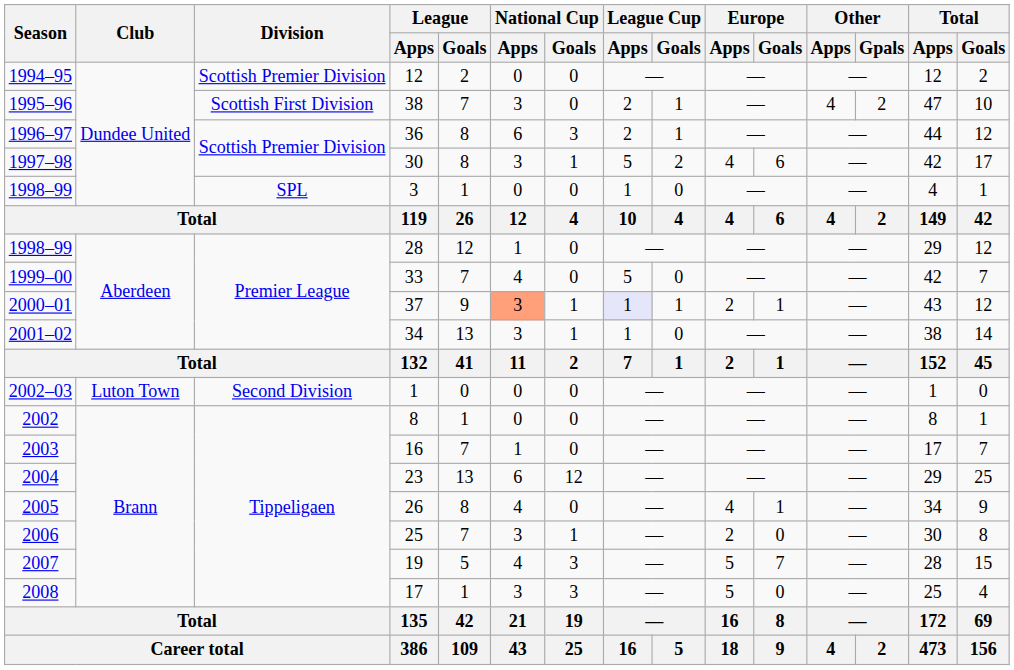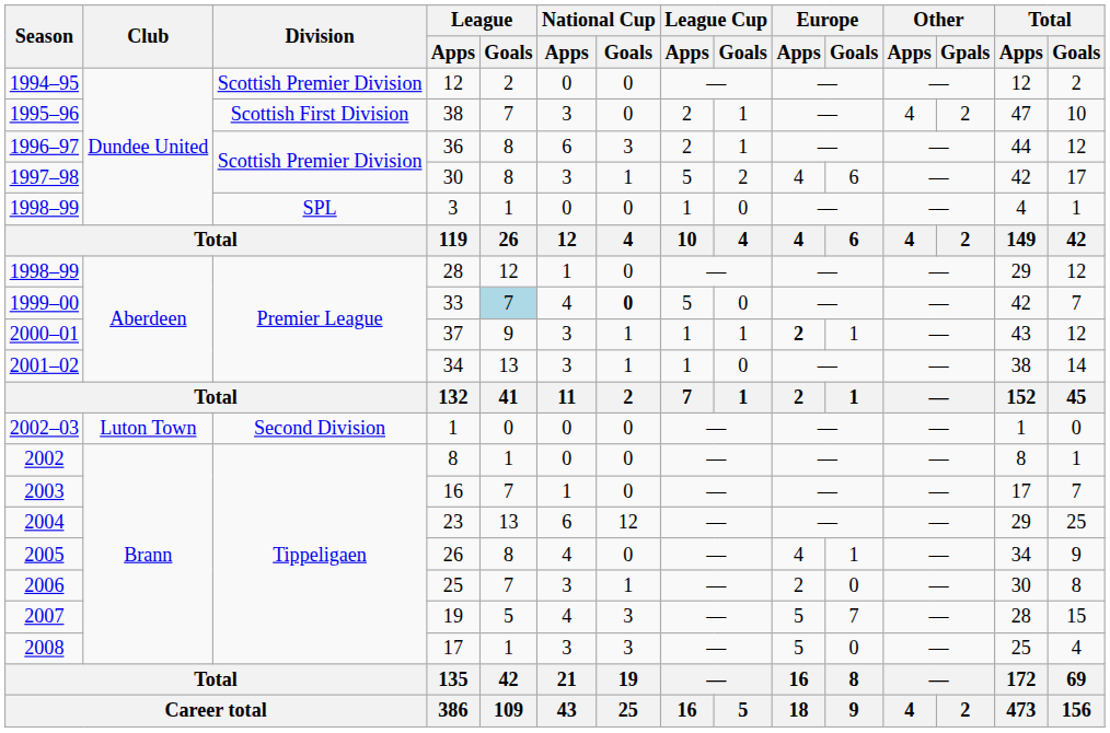 <table class="wikitable" style="text-align:center">
 <tr>
 <th rowspan="2">Season</th>
 <th rowspan="2">Club</th>
 <th rowspan="2">Division</th>
 <th colspan="2">League</th>
 <th colspan="2">National Cup</th>
 <th colspan="2">League Cup</th>
 <th colspan="2">Europe</th>
 <th colspan="2">Other</th>
 <th colspan="2">Total</th>
 </tr>
 <tr>
 <th>Apps</th>
 <th>Goals</th>
 <th>Apps</th>
 <th>Goals</th>
 <th>Apps</th>
 <th>Goals</th>
 <th>Apps</th>
 <th>Goals</th>
 <th>Apps</th>
 <th>Gpals</th>
 <th>Apps</th>
 <th>Goals</th>
 </tr>
 <tr>
 <td><a href='#'>1994–95</a></td>
 <td rowspan="5"><a href='#'>Dundee United</a></td>
 <td rowspan="1"><a href='#'>Scottish Premier Division</a></td>
 <td>12</td>
 <td>2</td>
 <td>0</td>
 <td>0</td>
 <td colspan="2">—</td>
 <td colspan="2">—</td>
 <td colspan="2">—</td>
 <td>12</td>
 <td>2</td>
 </tr>
 <tr>
 <td><a href='#'>1995–96</a></td>
 <td rowspan="1"><a href='#'>Scottish First Division</a></td>
 <td>38</td>
 <td>7</td>
 <td>3</td>
 <td>0</td>
 <td>2</td>
 <td>1</td>
 <td colspan="2">—</td>
 <td>4</td>
 <td>2</td>
 <td>47</td>
 <td>10</td>
 </tr>
 <tr>
 <td><a href='#'>1996–97</a></td>
 <td rowspan="2"><a href='#'>Scottish Premier Division</a></td>
 <td>36</td>
 <td>8</td>
 <td>6</td>
 <td>3</td>
 <td>2</td>
 <td>1</td>
 <td colspan="2">—</td>
 <td colspan="2">—</td>
 <td>44</td>
 <td>12</td>
 </tr>
 <tr>
 <td><a href='#'>1997–98</a></td>
 <td>30</td>
 <td>8</td>
 <td>3</td>
 <td>1</td>
 <td>5</td>
 <td>2</td>
 <td>4</td>
 <td>6</td>
 <td colspan="2">—</td>
 <td>42</td>
 <td>17</td>
 </tr>
 <tr>
 <td><a href='#'>1998–99</a></td>
 <td><a href='#'>SPL</a></td>
 <td>3</td>
 <td>1</td>
 <td>0</td>
 <td>0</td>
 <td>1</td>
 <td>0</td>
 <td colspan="2">—</td>
 <td colspan="2">—</td>
 <td>4</td>
 <td>1</td>
 </tr>
 <tr>
 <th colspan="3">Total</th>
 <th>119</th>
 <th>26</th>
 <th>12</th>
 <th>4</th>
 <th>10</th>
 <th>4</th>
 <th>4</th>
 <th>6</th>
 <th>4</th>
 <th>2</th>
 <th>149</th>
 <th>42</th>
 </tr>
 <tr>
 <td><a href='#'>1998–99</a></td>
 <td rowspan="4"><a href='#'>Aberdeen</a></td>
 <td rowspan="4"><a href='#'>Premier League</a></td>
 <td>28</td>
 <td>12</td>
 <td>1</td>
 <td>0</td>
 <td colspan="2">—</td>
 <td colspan="2">—</td>
 <td colspan="2">—</td>
 <td>29</td>
 <td>12</td>
 </tr>
 <tr>
 <td><a href='#'>1999–00</a></td>
 <td>33</td>
-<td>7</td>
+<td style="background: lightblue;">7</td>
 <td>4</td>
-<td>0</td>
+<td><strong>0</strong></td>
 <td>5</td>
 <td>0</td>
 <td colspan="2">—</td>
 <td colspan="2">—</td>
 <td>42</td>
 <td>7</td>
 </tr>
 <tr>
 <td><a href='#'>2000–01</a></td>
 <td>37</td>
 <td>9</td>
-<td style="background: lightsalmon;">3</td>
+<td>3</td>
 <td>1</td>
-<td style="background: lavender;">1</td>
 <td>1</td>
-<td>2</td>
+<td>1</td>
+<td><strong>2</strong></td>
 <td>1</td>
 <td colspan="2">—</td>
 <td>43</td>
 <td>12</td>
 </tr>
 <tr>
 <td><a href='#'>2001–02</a></td>
 <td>34</td>
 <td>13</td>
 <td>3</td>
 <td>1</td>
 <td>1</td>
 <td>0</td>
 <td colspan="2">—</td>
 <td colspan="2">—</td>
 <td>38</td>
 <td>14</td>
 </tr>
 <tr>
 <th colspan="3">Total</th>
 <th>132</th>
 <th>41</th>
 <th>11</th>
 <th>2</th>
 <th>7</th>
 <th>1</th>
 <th>2</th>
 <th>1</th>
 <th colspan="2">—</th>
 <th>152</th>
 <th>45</th>
 </tr>
 <tr>
 <td><a href='#'>2002–03</a></td>
 <td><a href='#'>Luton Town</a></td>
 <td><a href='#'>Second Division</a></td>
 <td>1</td>
 <td>0</td>
 <td>0</td>
 <td>0</td>
 <td colspan="2">—</td>
 <td colspan="2">—</td>
 <td colspan="2">—</td>
 <td>1</td>
 <td>0</td>
 </tr>
 <tr>
 <td><a href='#'>2002</a></td>
 <td rowspan="7"><a href='#'>Brann</a></td>
 <td rowspan="7"><a href='#'>Tippeligaen</a></td>
 <td>8</td>
 <td>1</td>
 <td>0</td>
 <td>0</td>
 <td colspan="2">—</td>
 <td colspan="2">—</td>
 <td colspan="2">—</td>
 <td>8</td>
 <td>1</td>
 </tr>
 <tr>
 <td><a href='#'>2003</a></td>
 <td>16</td>
 <td>7</td>
 <td>1</td>
 <td>0</td>
 <td colspan="2">—</td>
 <td colspan="2">—</td>
 <td colspan="2">—</td>
 <td>17</td>
 <td>7</td>
 </tr>
 <tr>
 <td><a href='#'>2004</a></td>
 <td>23</td>
 <td>13</td>
 <td>6</td>
 <td>12</td>
 <td colspan="2">—</td>
 <td colspan="2">—</td>
 <td colspan="2">—</td>
 <td>29</td>
 <td>25</td>
 </tr>
 <tr>
 <td><a href='#'>2005</a></td>
 <td>26</td>
 <td>8</td>
 <td>4</td>
 <td>0</td>
 <td colspan="2">—</td>
 <td>4</td>
 <td>1</td>
 <td colspan="2">—</td>
 <td>34</td>
 <td>9</td>
 </tr>
 <tr>
 <td><a href='#'>2006</a></td>
 <td>25</td>
 <td>7</td>
 <td>3</td>
 <td>1</td>
 <td colspan="2">—</td>
 <td>2</td>
 <td>0</td>
 <td colspan="2">—</td>
 <td>30</td>
 <td>8</td>
 </tr>
 <tr>
 <td><a href='#'>2007</a></td>
 <td>19</td>
 <td>5</td>
 <td>4</td>
 <td>3</td>
 <td colspan="2">—</td>
 <td>5</td>
 <td>7</td>
 <td colspan="2">—</td>
 <td>28</td>
 <td>15</td>
 </tr>
 <tr>
 <td><a href='#'>2008</a></td>
 <td>17</td>
 <td>1</td>
 <td>3</td>
 <td>3</td>
 <td colspan="2">—</td>
 <td>5</td>
 <td>0</td>
 <td colspan="2">—</td>
 <td>25</td>
 <td>4</td>
 </tr>
 <tr>
 <th colspan="3">Total</th>
 <th>135</th>
 <th>42</th>
 <th>21</th>
 <th>19</th>
 <th colspan="2">—</th>
 <th>16</th>
 <th>8</th>
 <th colspan="2">—</th>
 <th>172</th>
 <th>69</th>
 </tr>
 <tr>
 <th colspan="3">Career total</th>
 <th>386</th>
 <th>109</th>
 <th>43</th>
 <th>25</th>
 <th>16</th>
 <th>5</th>
 <th>18</th>
 <th>9</th>
 <th>4</th>
 <th>2</th>
 <th>473</th>
 <th>156</th>
 </tr>
 </table>
